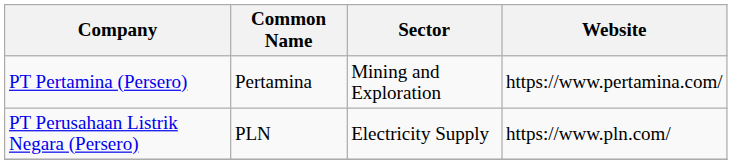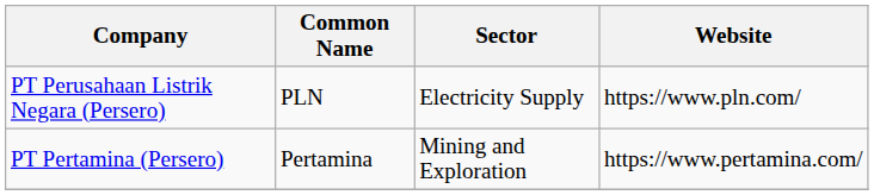 <table class="wikitable sortable">
 <tr>
 <th>Company</th>
 <th>Common Name</th>
 <th>Sector</th>
 <th>Website</th>
 </tr>
 <tr>
+<td><a href='#'>PT Perusahaan Listrik Negara (Persero)</a></td>
+<td>PLN</td>
+<td>Electricity Supply</td>
+<td>https://www.pln.com/</td>
+</tr>
+<tr>
 <td><a href='#'>PT Pertamina (Persero)</a></td>
 <td>Pertamina</td>
 <td>Mining and Exploration</td>
 <td>https://www.pertamina.com/</td>
 </tr>
 <tr>
-<td><a href='#'>PT Perusahaan Listrik Negara (Persero)</a></td>
-<td>PLN</td>
-<td>Electricity Supply</td>
-<td>https://www.pln.com/</td>
-</tr>
-<tr>
 </tr>
 </table>
